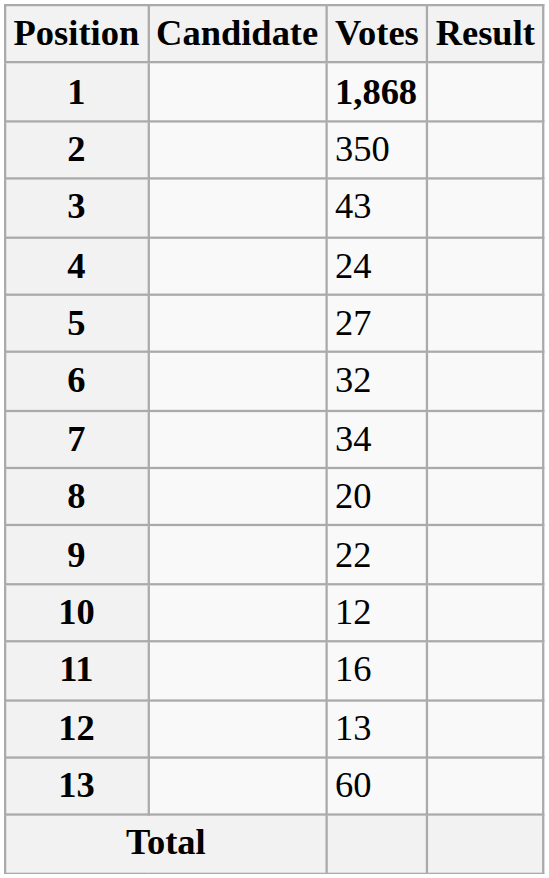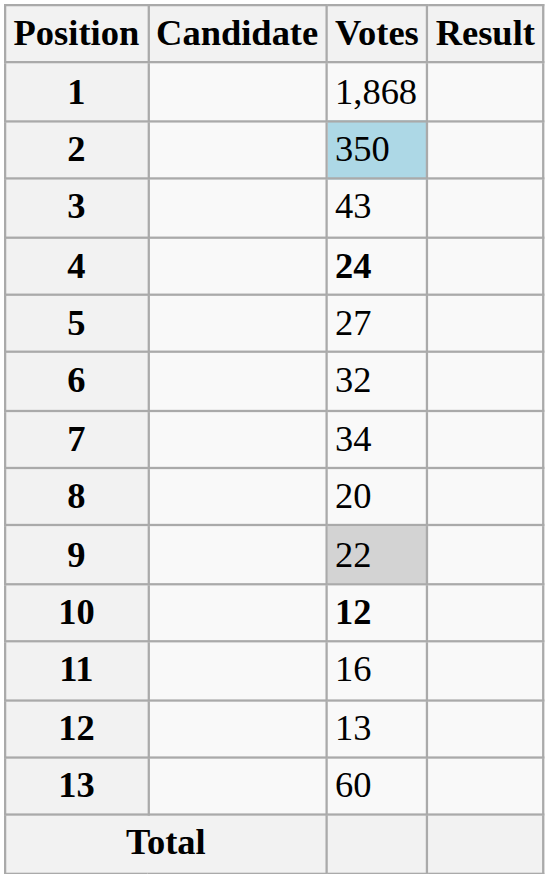 <table class="wikitable sortable col3right">
 <tr>
 <th scope="col">Position</th>
 <th scope="col">Candidate</th>
 <th scope="col">Votes</th>
 <th scope="col">Result</th>
 </tr>
 <tr>
 <th scope="row">1</th>
 <td></td>
-<td><strong>1,868</strong></td>
+<td>1,868</td>
 <td></td>
 </tr>
 <tr>
 <th scope="row">2</th>
 <td></td>
-<td>350</td>
+<td style="background: lightblue;">350</td>
 <td></td>
 </tr>
 <tr>
 <th scope="row">3</th>
 <td></td>
 <td>43</td>
 <td></td>
 </tr>
 <tr>
 <th scope="row">4</th>
 <td></td>
-<td>24</td>
+<td><strong>24</strong></td>
 <td></td>
 </tr>
 <tr>
 <th scope="row">5</th>
 <td></td>
 <td>27</td>
 <td></td>
 </tr>
 <tr>
 <th scope="row">6</th>
 <td></td>
 <td>32</td>
 <td></td>
 </tr>
 <tr>
 <th scope="row">7</th>
 <td></td>
 <td>34</td>
 <td></td>
 </tr>
 <tr>
 <th scope="row">8</th>
 <td></td>
 <td>20</td>
 <td></td>
 </tr>
 <tr>
 <th scope="row">9</th>
 <td></td>
-<td>22</td>
+<td style="background: lightgrey;">22</td>
 <td></td>
 </tr>
 <tr>
 <th scope="row">10</th>
 <td></td>
-<td>12</td>
+<td><strong>12</strong></td>
 <td></td>
 </tr>
 <tr>
 <th scope="row">11</th>
 <td></td>
 <td>16</td>
 <td></td>
 </tr>
 <tr>
 <th scope="row">12</th>
 <td></td>
 <td>13</td>
 <td></td>
 </tr>
 <tr>
 <th scope="row">13</th>
 <td></td>
 <td>60</td>
 <td></td>
 </tr>
 <tr class="sortbottom">
 <th scope="row" colspan="2">Total</th>
 <th></th>
 <th></th>
 </tr>
 </table>
